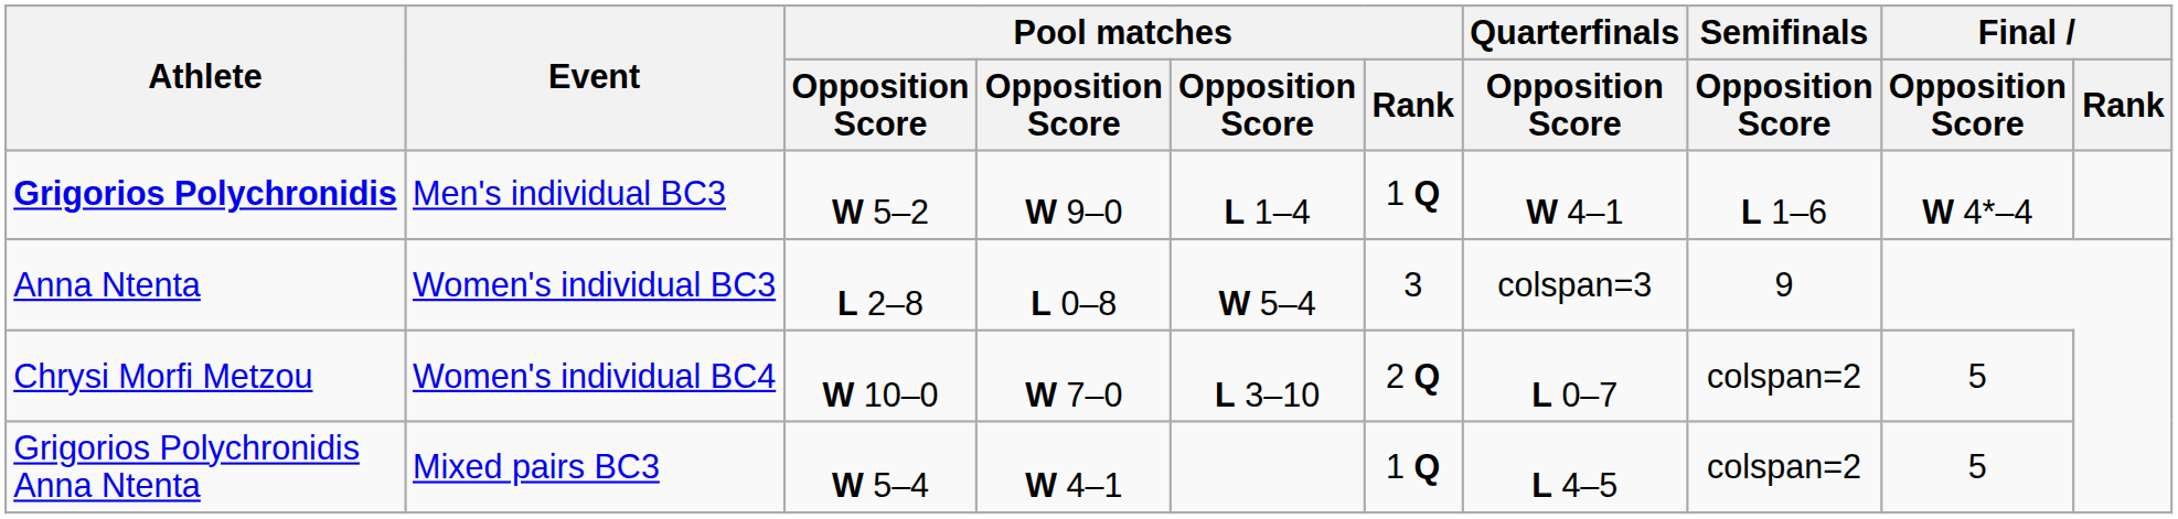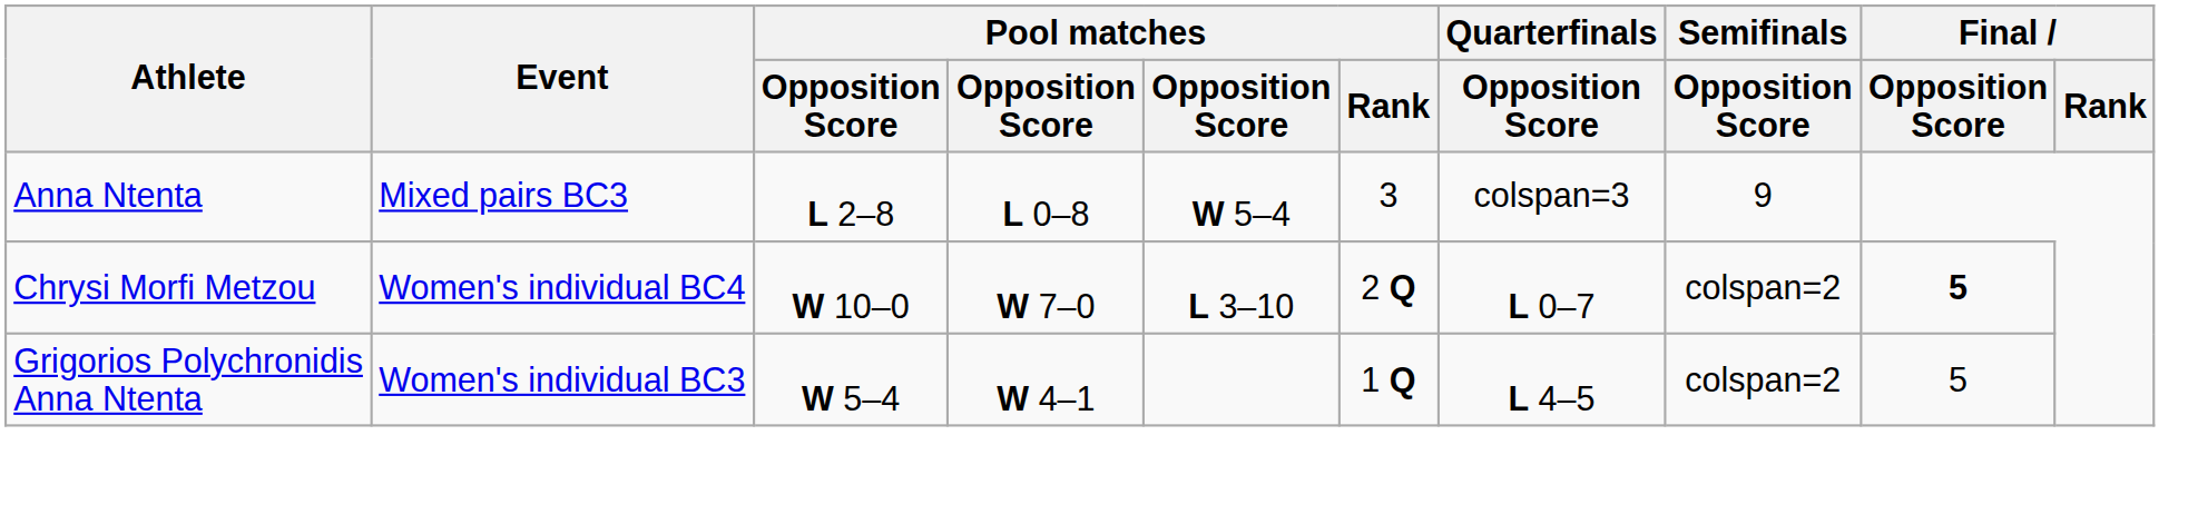 <table class=wikitable style="font-size:90%">
 <tr>
 <th rowspan="2">Athlete</th>
 <th rowspan="2">Event</th>
 <th colspan="4">Pool matches</th>
 <th>Quarterfinals</th>
 <th>Semifinals</th>
 <th colspan=2>Final / </th>
 </tr>
 <tr>
 <th>Opposition<br>Score</th>
 <th>Opposition<br>Score</th>
 <th>Opposition<br>Score</th>
 <th>Rank</th>
 <th>Opposition<br>Score</th>
 <th>Opposition<br>Score</th>
 <th>Opposition<br>Score</th>
 <th>Rank</th>
 </tr>
 <tr align=center>
-<td align=left><strong><a href='#'>Grigorios Polychronidis</a></strong></td>
-<td align=left><a href='#'>Men's individual BC3</a></td>
-<td><br><strong>W</strong> 5–2</td>
-<td><br><strong>W</strong> 9–0</td>
-<td><br><strong>L</strong> 1–4</td>
-<td>1 <strong>Q</strong></td>
-<td><br><strong>W</strong> 4–1</td>
-<td><br><strong>L</strong> 1–6</td>
-<td><br><strong>W</strong> 4*–4</td>
-<td></td>
-</tr>
-<tr align=center>
 <td align=left><a href='#'>Anna Ntenta</a></td>
-<td align=left><a href='#'>Women's individual BC3</a></td>
+<td align=left><a href='#'>Mixed pairs BC3</a></td>
 <td><br><strong>L</strong> 2–8</td>
 <td><br><strong>L</strong> 0–8</td>
 <td><br><strong>W</strong> 5–4</td>
 <td>3</td>
 <td>colspan=3 </td>
 <td>9</td>
 </tr>
 <tr align=center>
 <td align=left><a href='#'>Chrysi Morfi Metzou</a></td>
 <td align=left><a href='#'>Women's individual BC4</a></td>
 <td><br><strong>W</strong> 10–0</td>
 <td><br><strong>W</strong> 7–0</td>
 <td><br><strong>L</strong> 3–10</td>
 <td>2 <strong>Q</strong></td>
 <td><br><strong>L</strong> 0–7</td>
 <td>colspan=2 </td>
-<td>5</td>
+<td><strong>5</strong></td>
 </tr>
 <tr align=center>
 <td align=left><a href='#'>Grigorios Polychronidis</a><br><a href='#'>Anna Ntenta</a></td>
-<td align=left><a href='#'>Mixed pairs BC3</a></td>
+<td align=left><a href='#'>Women's individual BC3</a></td>
 <td><br><strong>W</strong> 5–4</td>
 <td><br><strong>W</strong> 4–1</td>
 <td></td>
 <td>1 <strong>Q</strong></td>
 <td><br> <strong>L</strong> 4–5</td>
 <td>colspan=2 </td>
 <td>5</td>
 </tr>
 </table>
